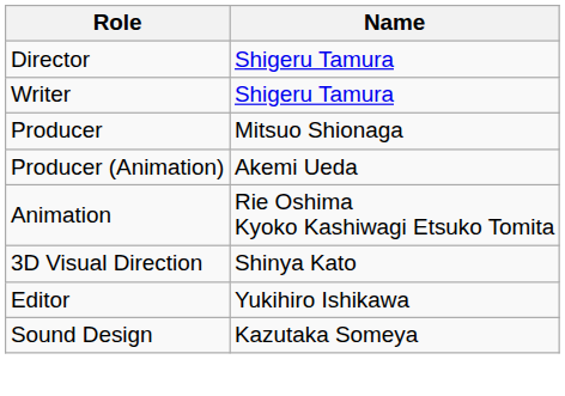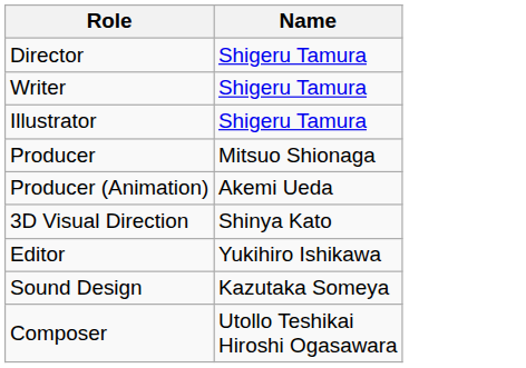 <table class="wikitable">
 <tr>
 <th>Role</th>
 <th>Name</th>
 </tr>
 <tr>
 <td>Director</td>
 <td><a href='#'>Shigeru Tamura</a></td>
 </tr>
 <tr>
 <td>Writer</td>
 <td><a href='#'>Shigeru Tamura</a></td>
 </tr>
 <tr>
+<td>Illustrator</td>
+<td><a href='#'>Shigeru Tamura</a></td>
+</tr>
+<tr>
 <td>Producer</td>
 <td>Mitsuo Shionaga</td>
 </tr>
 <tr>
 <td>Producer (Animation)</td>
 <td>Akemi Ueda</td>
-</tr>
-<tr>
-<td>Animation</td>
-<td>Rie Oshima<br>Kyoko Kashiwagi Etsuko Tomita</td>
 </tr>
 <tr>
 <td>3D Visual Direction</td>
 <td>Shinya Kato</td>
 </tr>
 <tr>
 <td>Editor</td>
 <td>Yukihiro Ishikawa</td>
 </tr>
 <tr>
 <td>Sound Design</td>
 <td>Kazutaka Someya</td>
 </tr>
+<tr>
+<td>Composer</td>
+<td>Utollo Teshikai<br>Hiroshi Ogasawara</td>
+</tr>
 </table>
